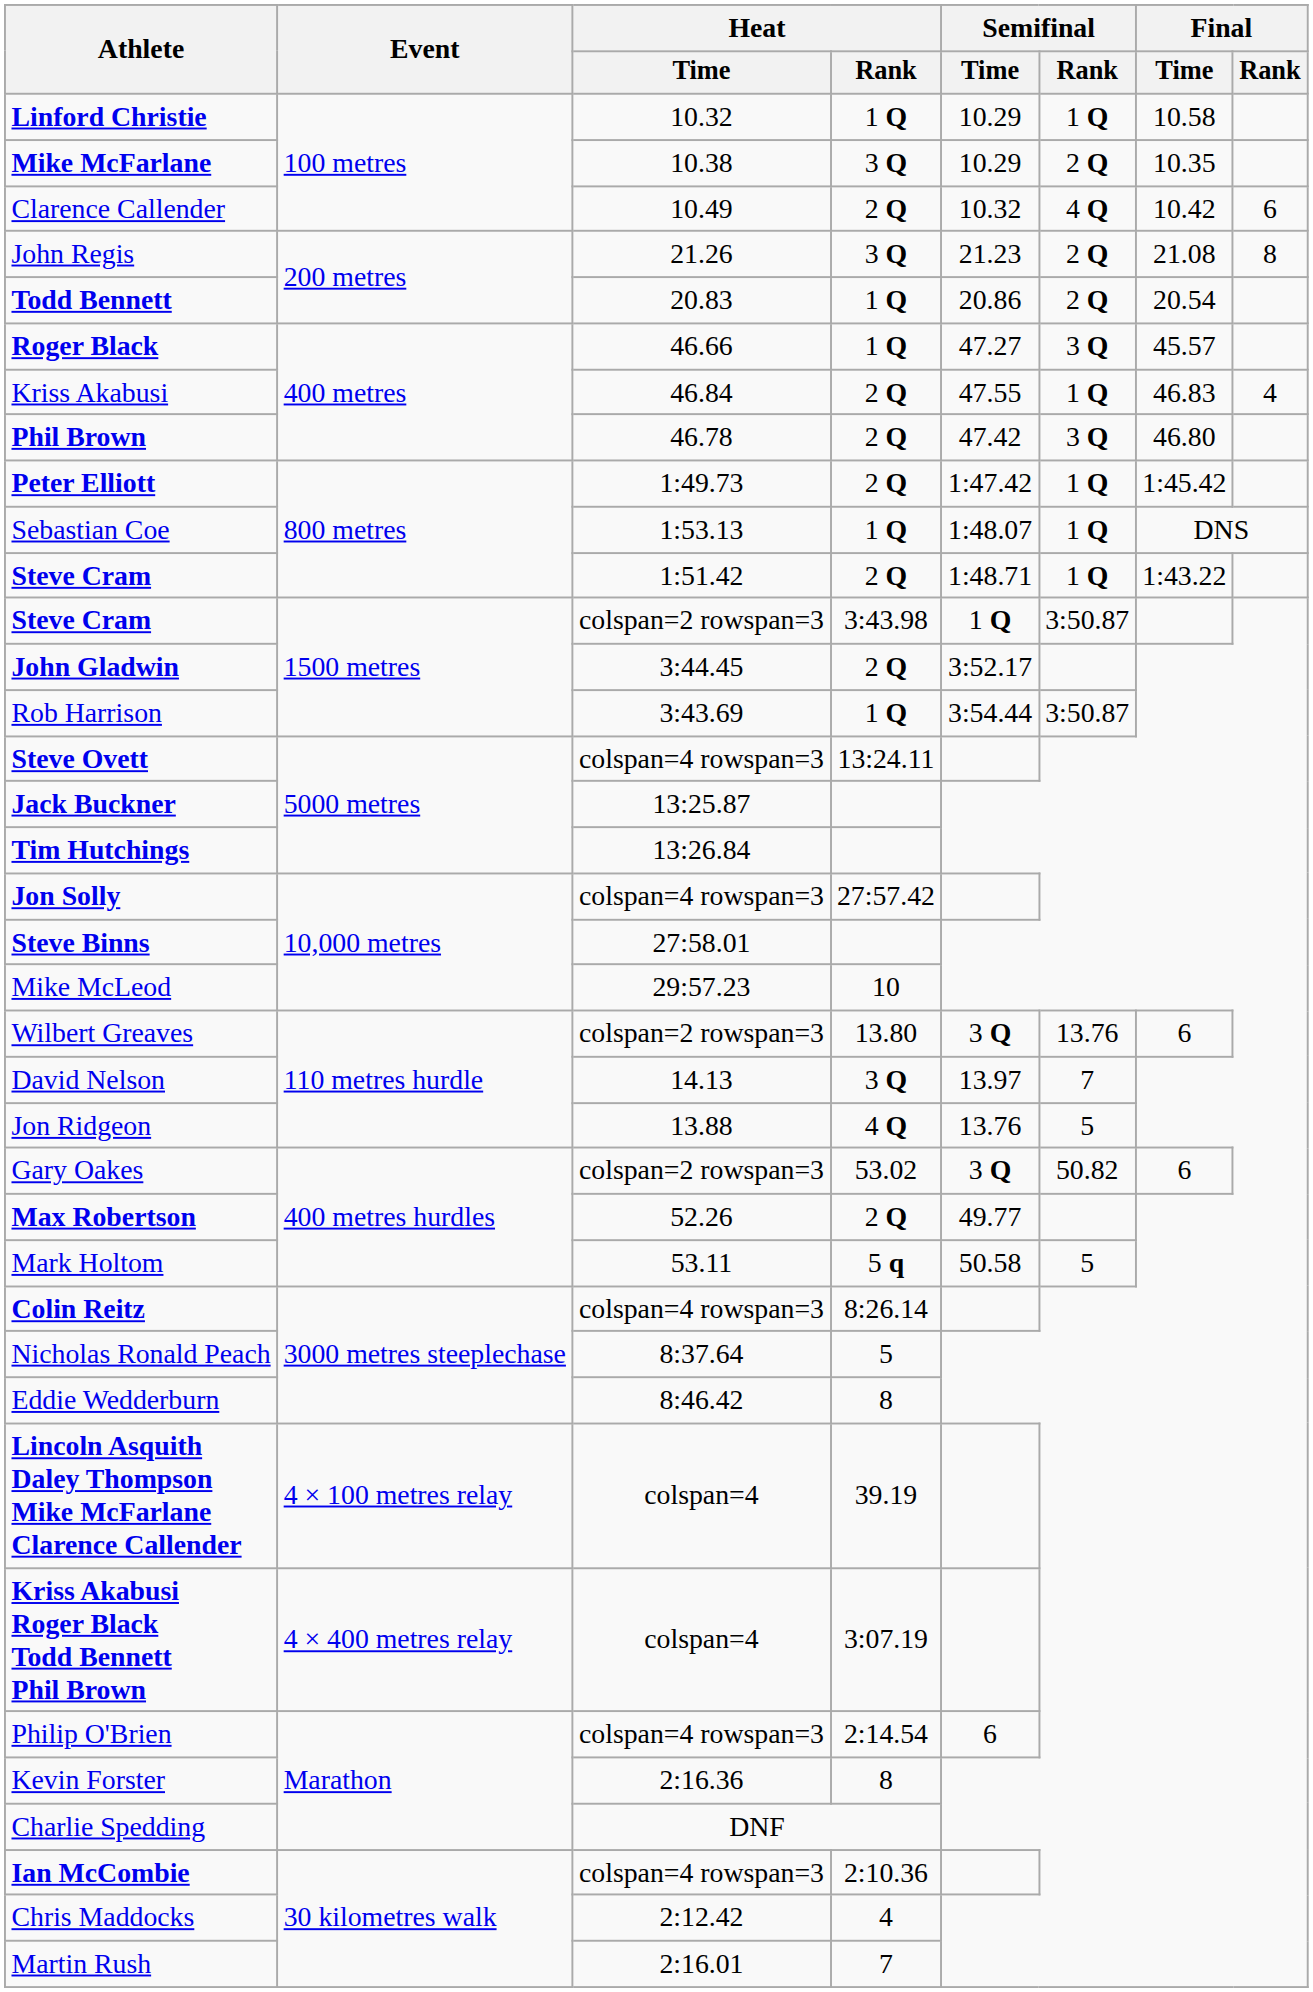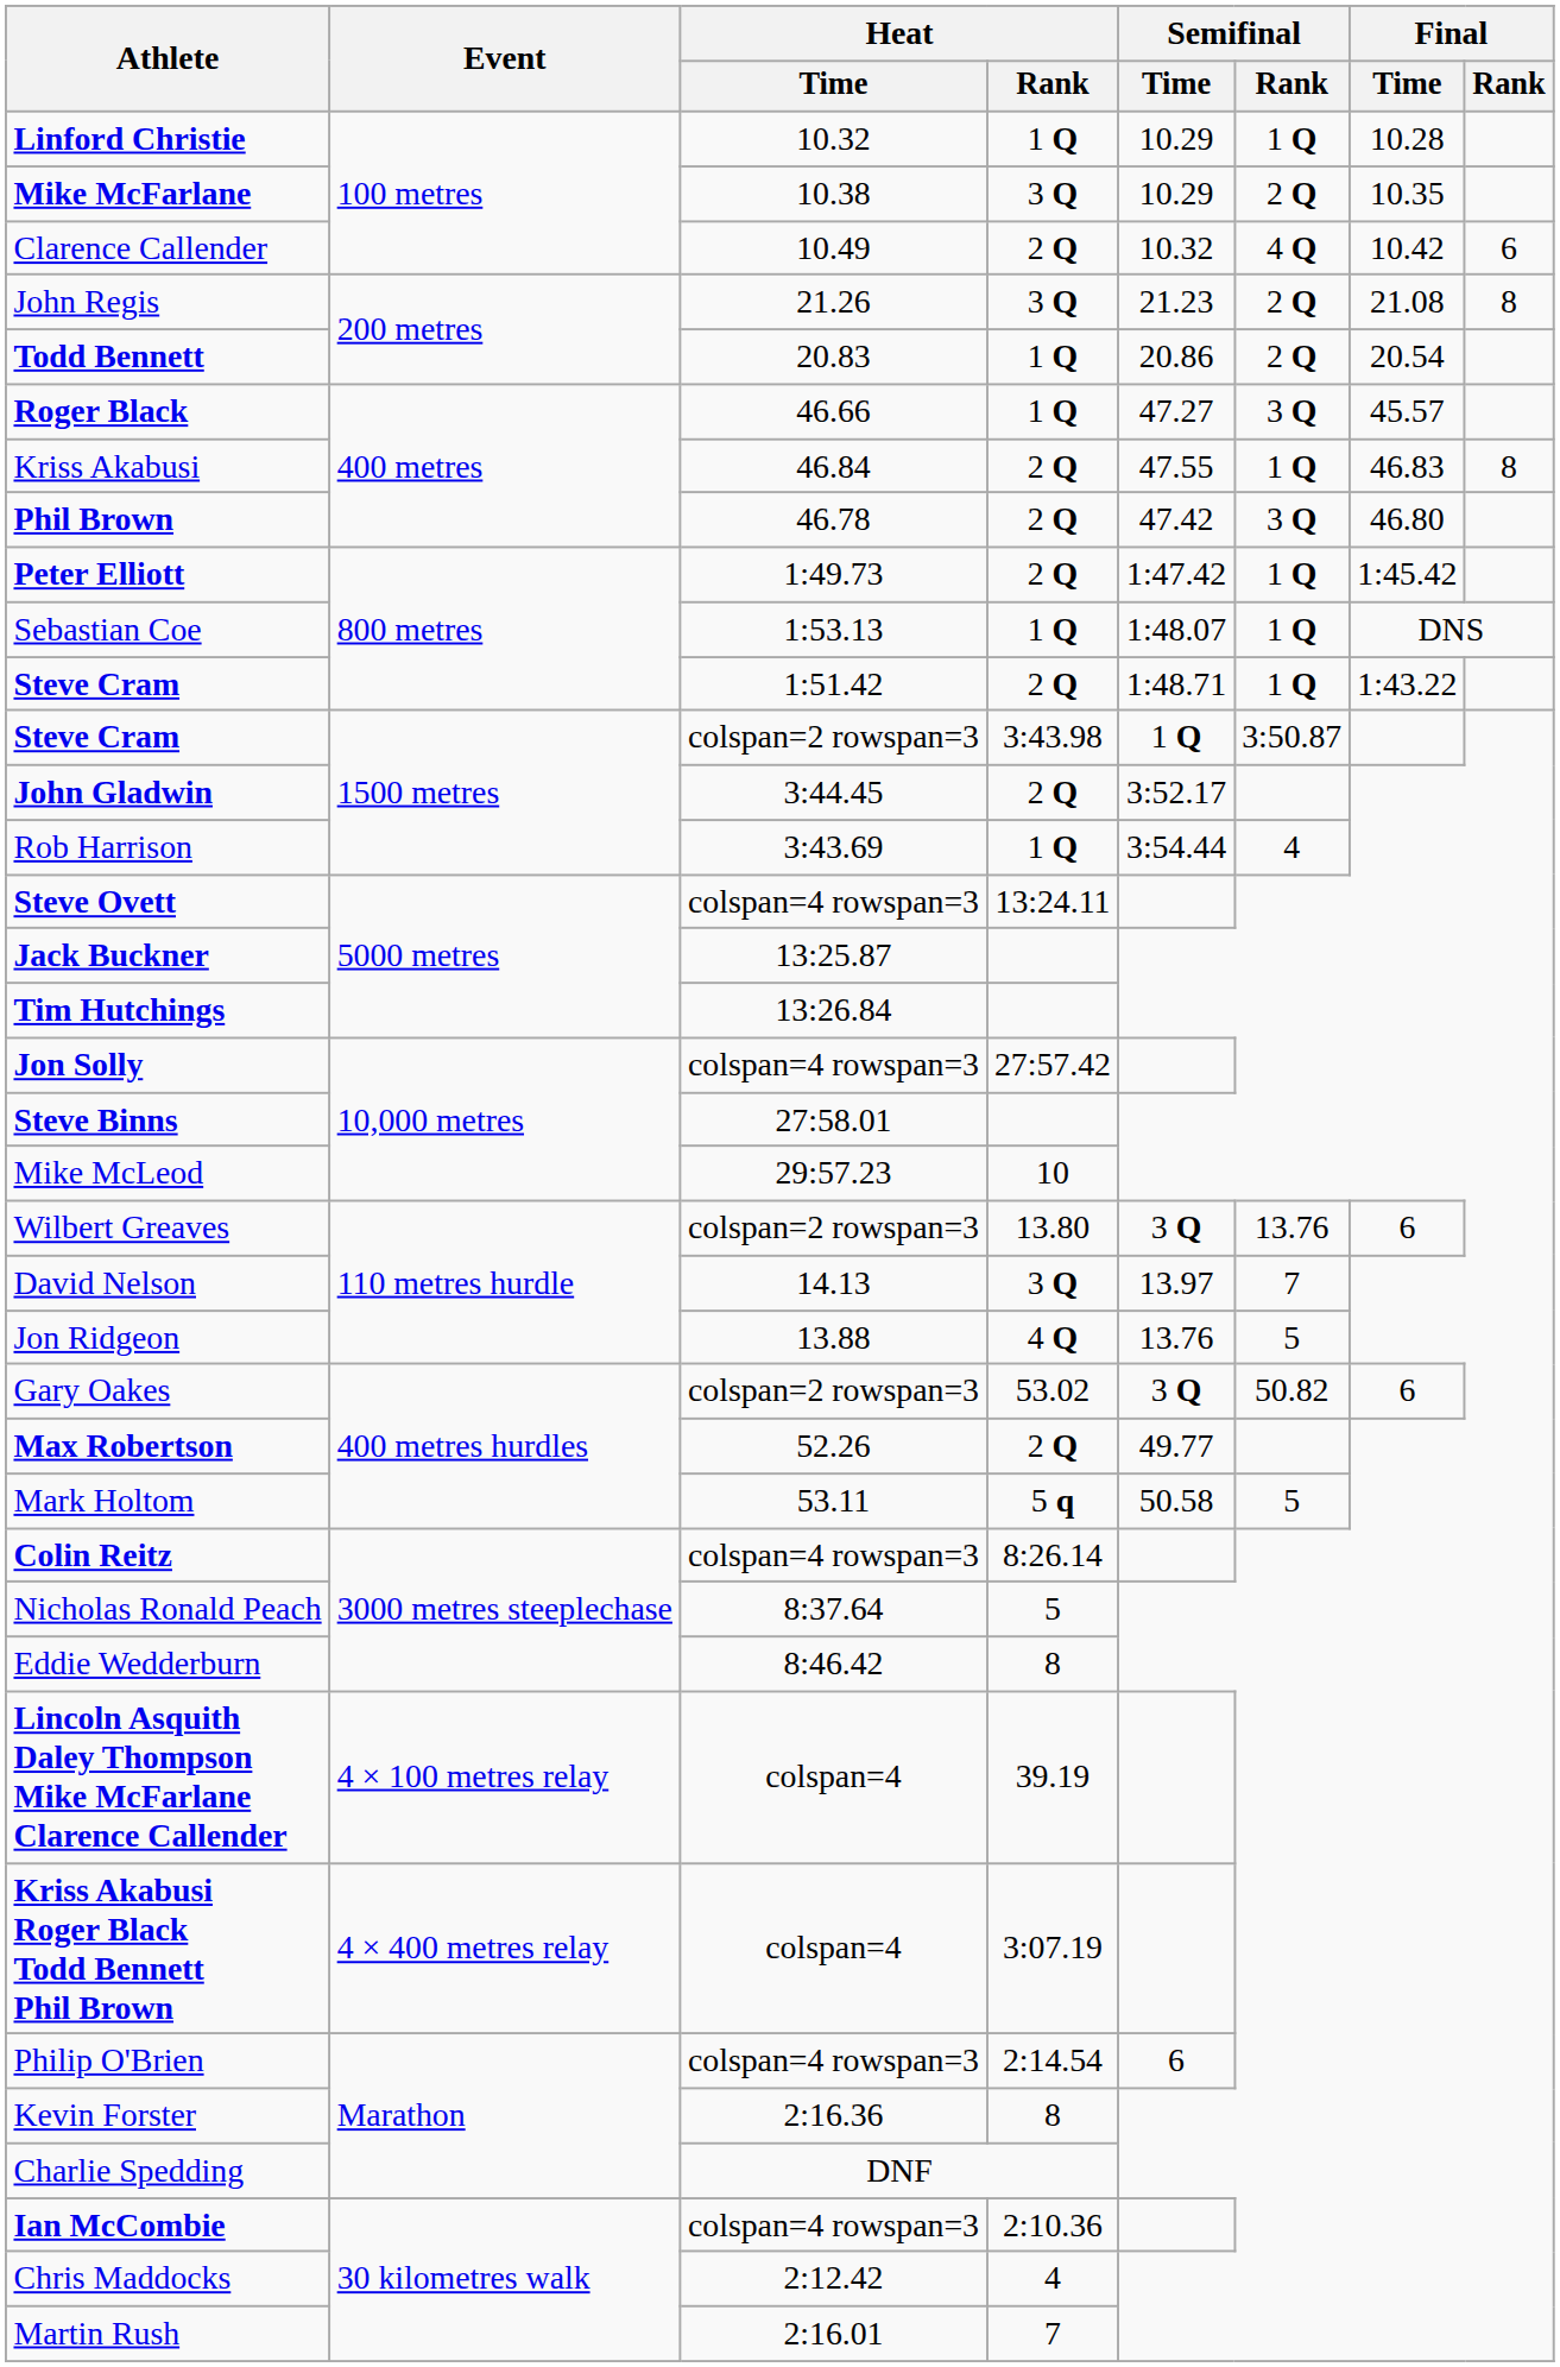 <table class="wikitable" style="font-size:90%">
 <tr>
 <th rowspan="2">Athlete</th>
 <th rowspan="2">Event</th>
 <th colspan="2">Heat</th>
 <th colspan="2">Semifinal</th>
 <th colspan="2">Final</th>
 </tr>
 <tr style="font-size:95%">
 <th>Time</th>
 <th>Rank</th>
 <th>Time</th>
 <th>Rank</th>
 <th>Time</th>
 <th>Rank</th>
 </tr>
 <tr align=center>
 <td align=left><strong><a href='#'>Linford Christie</a></strong></td>
 <td align=left rowspan=3><a href='#'>100 metres</a></td>
 <td>10.32</td>
 <td>1 <strong>Q</strong></td>
 <td>10.29</td>
 <td>1 <strong>Q</strong></td>
-<td>10.58</td>
+<td>10.28</td>
 <td></td>
 </tr>
 <tr align=center>
 <td align=left><strong><a href='#'>Mike McFarlane</a></strong></td>
 <td>10.38</td>
 <td>3 <strong>Q</strong></td>
 <td>10.29</td>
 <td>2 <strong>Q</strong></td>
 <td>10.35</td>
 <td></td>
 </tr>
 <tr align=center>
 <td align=left><a href='#'>Clarence Callender</a></td>
 <td>10.49</td>
 <td>2 <strong>Q</strong></td>
 <td>10.32</td>
 <td>4 <strong>Q</strong></td>
 <td>10.42</td>
 <td>6</td>
 </tr>
 <tr align=center>
 <td align=left><a href='#'>John Regis</a></td>
 <td align=left rowspan=2><a href='#'>200 metres</a></td>
 <td>21.26</td>
 <td>3 <strong>Q</strong></td>
 <td>21.23</td>
 <td>2 <strong>Q</strong></td>
 <td>21.08</td>
 <td>8</td>
 </tr>
 <tr align=center>
 <td align=left><strong><a href='#'>Todd Bennett</a></strong></td>
 <td>20.83</td>
 <td>1 <strong>Q</strong></td>
 <td>20.86</td>
 <td>2 <strong>Q</strong></td>
 <td>20.54</td>
 <td></td>
 </tr>
 <tr align=center>
 <td align=left><strong><a href='#'>Roger Black</a></strong></td>
 <td align=left rowspan=3><a href='#'>400 metres</a></td>
 <td>46.66</td>
 <td>1 <strong>Q</strong></td>
 <td>47.27</td>
 <td>3 <strong>Q</strong></td>
 <td>45.57</td>
 <td></td>
 </tr>
 <tr align=center>
 <td align=left><a href='#'>Kriss Akabusi</a></td>
 <td>46.84</td>
 <td>2 <strong>Q</strong></td>
 <td>47.55</td>
 <td>1 <strong>Q</strong></td>
 <td>46.83</td>
-<td>4</td>
+<td>8</td>
 </tr>
 <tr align=center>
 <td align=left><strong><a href='#'>Phil Brown</a></strong></td>
 <td>46.78</td>
 <td>2 <strong>Q</strong></td>
 <td>47.42</td>
 <td>3 <strong>Q</strong></td>
 <td>46.80</td>
 <td></td>
 </tr>
 <tr align=center>
 <td align=left><strong><a href='#'>Peter Elliott</a></strong></td>
 <td align=left rowspan=3><a href='#'>800 metres</a></td>
 <td>1:49.73</td>
 <td>2 <strong>Q</strong></td>
 <td>1:47.42</td>
 <td>1 <strong>Q</strong></td>
 <td>1:45.42</td>
 <td></td>
 </tr>
 <tr align=center>
 <td align=left><a href='#'>Sebastian Coe</a></td>
 <td>1:53.13</td>
 <td>1 <strong>Q</strong></td>
 <td>1:48.07</td>
 <td>1 <strong>Q</strong></td>
 <td colspan=2>DNS</td>
 </tr>
 <tr align=center>
 <td align=left><strong><a href='#'>Steve Cram</a></strong></td>
 <td>1:51.42</td>
 <td>2 <strong>Q</strong></td>
 <td>1:48.71</td>
 <td>1 <strong>Q</strong></td>
 <td>1:43.22</td>
 <td></td>
 </tr>
 <tr align=center>
 <td align=left><strong><a href='#'>Steve Cram</a></strong></td>
 <td align=left rowspan=3><a href='#'>1500 metres</a></td>
 <td>colspan=2 rowspan=3 </td>
 <td>3:43.98</td>
 <td>1 <strong>Q</strong></td>
 <td>3:50.87</td>
 <td></td>
 </tr>
 <tr align=center>
 <td align=left><strong><a href='#'>John Gladwin</a></strong></td>
 <td>3:44.45</td>
 <td>2 <strong>Q</strong></td>
 <td>3:52.17</td>
 <td></td>
 </tr>
 <tr align=center>
 <td align=left><a href='#'>Rob Harrison</a></td>
 <td>3:43.69</td>
 <td>1 <strong>Q</strong></td>
 <td>3:54.44</td>
-<td>3:50.87</td>
+<td>4</td>
 </tr>
 <tr align=center>
 <td align=left><strong><a href='#'>Steve Ovett</a></strong></td>
 <td align=left rowspan=3><a href='#'>5000 metres</a></td>
 <td>colspan=4 rowspan=3 </td>
 <td>13:24.11</td>
 <td></td>
 </tr>
 <tr align=center>
 <td align=left><strong><a href='#'>Jack Buckner</a></strong></td>
 <td>13:25.87</td>
 <td></td>
 </tr>
 <tr align=center>
 <td align=left><strong><a href='#'>Tim Hutchings</a></strong></td>
 <td>13:26.84</td>
 <td></td>
 </tr>
 <tr align=center>
 <td align=left><strong><a href='#'>Jon Solly</a></strong></td>
 <td align=left rowspan=3><a href='#'>10,000 metres</a></td>
 <td>colspan=4 rowspan=3 </td>
 <td>27:57.42</td>
 <td></td>
 </tr>
 <tr align=center>
 <td align=left><strong><a href='#'>Steve Binns</a></strong></td>
 <td>27:58.01</td>
 <td></td>
 </tr>
 <tr align=center>
 <td align=left><a href='#'>Mike McLeod</a></td>
 <td>29:57.23</td>
 <td>10</td>
 </tr>
 <tr align=center>
 <td align=left><a href='#'>Wilbert Greaves</a></td>
 <td align=left rowspan=3><a href='#'>110 metres hurdle</a></td>
 <td>colspan=2 rowspan=3 </td>
 <td>13.80</td>
 <td>3 <strong>Q</strong></td>
 <td>13.76</td>
 <td>6</td>
 </tr>
 <tr align=center>
 <td align=left><a href='#'>David Nelson</a></td>
 <td>14.13</td>
 <td>3 <strong>Q</strong></td>
 <td>13.97</td>
 <td>7</td>
 </tr>
 <tr align=center>
 <td align=left><a href='#'>Jon Ridgeon</a></td>
 <td>13.88</td>
 <td>4 <strong>Q</strong></td>
 <td>13.76</td>
 <td>5</td>
 </tr>
 <tr align=center>
 <td align=left><a href='#'>Gary Oakes</a></td>
 <td align=left rowspan=3><a href='#'>400 metres hurdles</a></td>
 <td>colspan=2 rowspan=3 </td>
 <td>53.02</td>
 <td>3 <strong>Q</strong></td>
 <td>50.82</td>
 <td>6</td>
 </tr>
 <tr align=center>
 <td align=left><strong><a href='#'>Max Robertson</a></strong></td>
 <td>52.26</td>
 <td>2 <strong>Q</strong></td>
 <td>49.77</td>
 <td></td>
 </tr>
 <tr align=center>
 <td align=left><a href='#'>Mark Holtom</a></td>
 <td>53.11</td>
 <td>5 <strong>q</strong></td>
 <td>50.58</td>
 <td>5</td>
 </tr>
 <tr align=center>
 <td align=left><strong><a href='#'>Colin Reitz</a></strong></td>
 <td align=left rowspan=3><a href='#'>3000 metres steeplechase</a></td>
 <td>colspan=4 rowspan=3 </td>
 <td>8:26.14</td>
 <td></td>
 </tr>
 <tr align=center>
 <td align=left><a href='#'>Nicholas Ronald Peach</a></td>
 <td>8:37.64</td>
 <td>5</td>
 </tr>
 <tr align=center>
 <td align=left><a href='#'>Eddie Wedderburn</a></td>
 <td>8:46.42</td>
 <td>8</td>
 </tr>
 <tr align=center>
 <td align=left><strong><a href='#'>Lincoln Asquith</a></strong><br><strong><a href='#'>Daley Thompson</a></strong><br><strong><a href='#'>Mike McFarlane</a></strong><br><strong><a href='#'>Clarence Callender</a></strong></td>
 <td align=left><a href='#'>4 × 100 metres relay</a></td>
 <td>colspan=4 </td>
 <td>39.19</td>
 <td></td>
 </tr>
 <tr align=center>
 <td align=left><strong><a href='#'>Kriss Akabusi</a></strong><br><strong><a href='#'>Roger Black</a></strong><br><strong><a href='#'>Todd Bennett</a></strong><br><strong><a href='#'>Phil Brown</a></strong></td>
 <td align=left><a href='#'>4 × 400 metres relay</a></td>
 <td>colspan=4 </td>
 <td>3:07.19</td>
 <td></td>
 </tr>
 <tr align=center>
 <td align=left><a href='#'>Philip O'Brien</a></td>
 <td align=left rowspan=3><a href='#'>Marathon</a></td>
 <td>colspan=4 rowspan=3 </td>
 <td>2:14.54</td>
 <td>6</td>
 </tr>
 <tr align=center>
 <td align=left><a href='#'>Kevin Forster</a></td>
 <td>2:16.36</td>
 <td>8</td>
 </tr>
 <tr align=center>
 <td align=left><a href='#'>Charlie Spedding</a></td>
 <td colspan=2>DNF</td>
 </tr>
 <tr align=center>
 <td align=left><strong><a href='#'>Ian McCombie</a></strong></td>
 <td align=left rowspan=3><a href='#'>30 kilometres walk</a></td>
 <td>colspan=4 rowspan=3 </td>
 <td>2:10.36</td>
 <td></td>
 </tr>
 <tr align=center>
 <td align=left><a href='#'>Chris Maddocks</a></td>
 <td>2:12.42</td>
 <td>4</td>
 </tr>
 <tr align=center>
 <td align=left><a href='#'>Martin Rush</a></td>
 <td>2:16.01</td>
 <td>7</td>
 </tr>
 </table>
